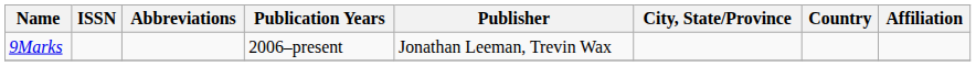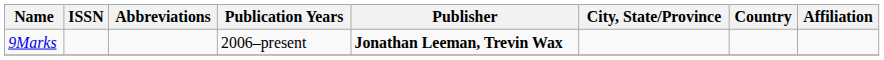 <table class="wikitable sortable" style="width: 100%;">
 <tr>
 <th>Name</th>
 <th>ISSN</th>
 <th>Abbreviations</th>
 <th>Publication Years</th>
 <th>Publisher</th>
 <th>City, State/Province</th>
 <th>Country</th>
 <th>Affiliation</th>
 </tr>
 <tr>
 <td><em><a href='#'>9Marks</a></em></td>
 <td></td>
 <td></td>
 <td>2006–present</td>
-<td>Jonathan Leeman, Trevin Wax</td>
+<td><strong>Jonathan Leeman, Trevin Wax</strong></td>
 <td></td>
 <td></td>
 <td></td>
 </tr>
 <tr>
 </tr>
 </table>
